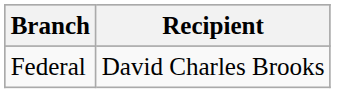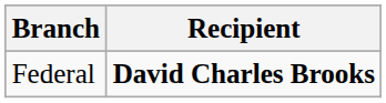 <table class="wikitable" style="font-size:95%;">
 <tr>
 <th>Branch</th>
 <th>Recipient</th>
 </tr>
 <tr>
 <td>Federal</td>
-<td>David Charles Brooks</td>
+<td><strong>David Charles Brooks</strong></td>
 </tr>
 </table>
